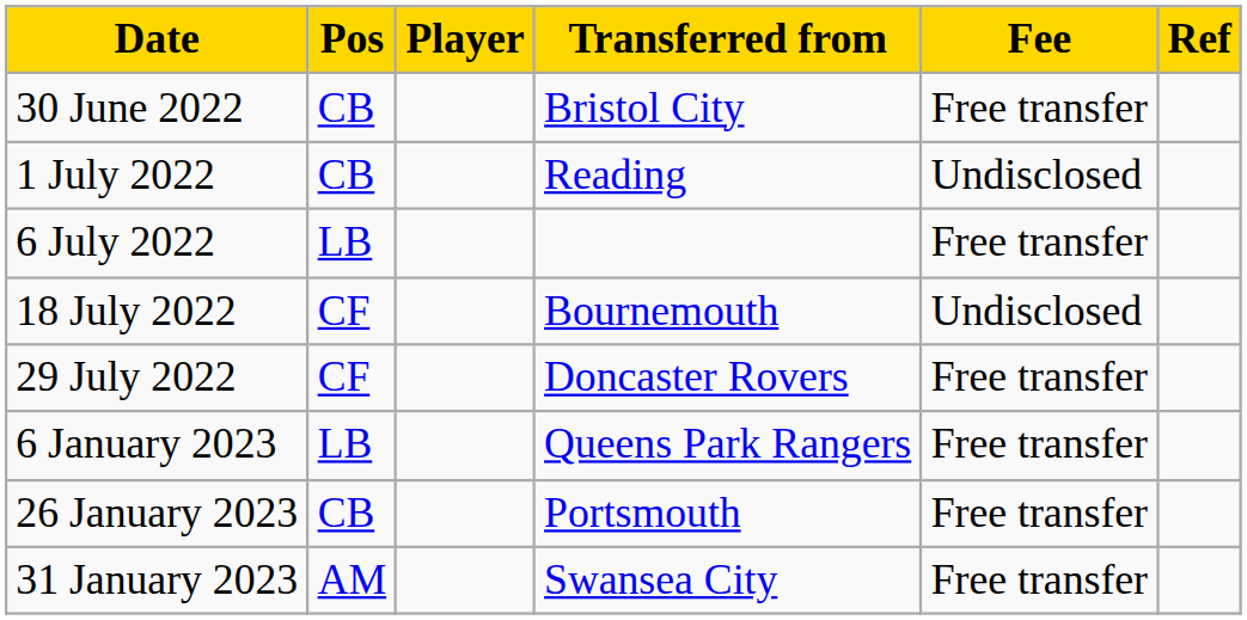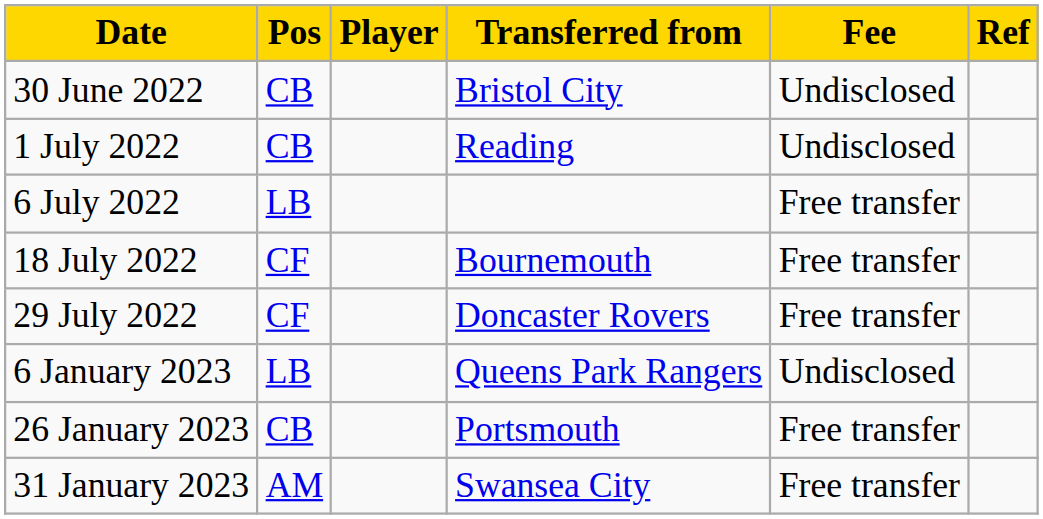 <table class="wikitable plainrowheaders sortable">
 <tr>
 <th style="background-color:#ffd700; color:#000000; ">Date</th>
 <th style="background-color:#ffd700; color:#000000; ">Pos</th>
 <th style="background-color:#ffd700; color:#000000; ">Player</th>
 <th style="background-color:#ffd700; color:#000000; ">Transferred from</th>
 <th style="background-color:#ffd700; color:#000000; ">Fee</th>
 <th style="background-color:#ffd700; color:#000000; ">Ref</th>
 </tr>
 <tr>
 <td>30 June 2022</td>
 <td><a href='#'>CB</a></td>
 <td></td>
 <td><a href='#'>Bristol City</a></td>
-<td>Free transfer</td>
+<td>Undisclosed</td>
 <td></td>
 </tr>
 <tr>
 <td>1 July 2022</td>
 <td><a href='#'>CB</a></td>
 <td></td>
 <td><a href='#'>Reading</a></td>
 <td>Undisclosed</td>
 <td></td>
 </tr>
 <tr>
 <td>6 July 2022</td>
 <td><a href='#'>LB</a></td>
 <td></td>
 <td></td>
 <td>Free transfer</td>
 <td></td>
 </tr>
 <tr>
 <td>18 July 2022</td>
 <td><a href='#'>CF</a></td>
 <td></td>
 <td><a href='#'>Bournemouth</a></td>
-<td>Undisclosed</td>
+<td>Free transfer</td>
 <td></td>
 </tr>
 <tr>
 <td>29 July 2022</td>
 <td><a href='#'>CF</a></td>
 <td></td>
 <td><a href='#'>Doncaster Rovers</a></td>
 <td>Free transfer</td>
 <td></td>
 </tr>
 <tr>
 <td>6 January 2023</td>
 <td><a href='#'>LB</a></td>
 <td></td>
 <td><a href='#'>Queens Park Rangers</a></td>
-<td>Free transfer</td>
+<td>Undisclosed</td>
 <td></td>
 </tr>
 <tr>
 <td>26 January 2023</td>
 <td><a href='#'>CB</a></td>
 <td></td>
 <td><a href='#'>Portsmouth</a></td>
 <td>Free transfer</td>
 <td></td>
 </tr>
 <tr>
 <td>31 January 2023</td>
 <td><a href='#'>AM</a></td>
 <td></td>
 <td><a href='#'>Swansea City</a></td>
 <td>Free transfer</td>
 <td></td>
 </tr>
 </table>
